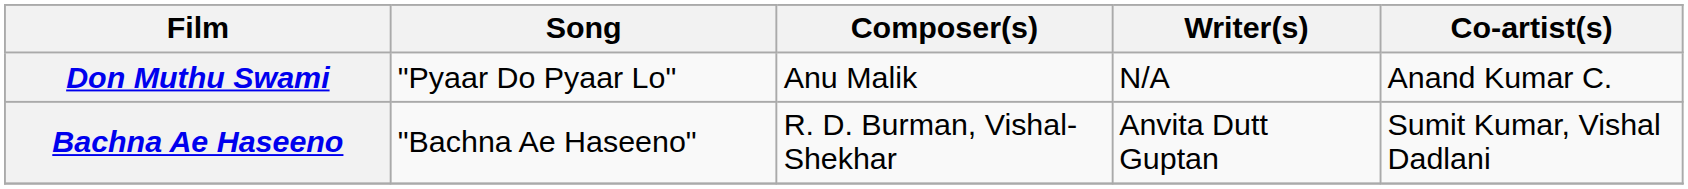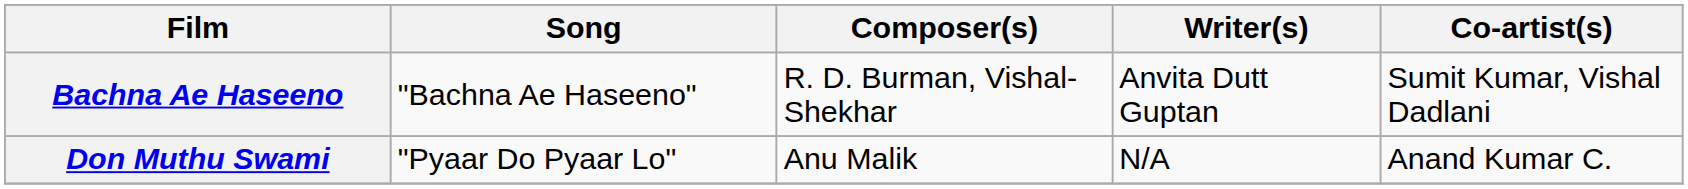 <table class="wikitable plainrowheaders" width="100%" textcolor:#000;">
 <tr style="background:#b0e0e66;">
 <th scope="col" width=23%><strong>Film</strong></th>
 <th scope="col" width=23%><strong>Song</strong></th>
 <th scope="col" width=20%><strong>Composer(s)</strong></th>
 <th scope="col" width=16%><strong>Writer(s)</strong></th>
 <th scope="col" width=18%><strong>Co-artist(s)</strong></th>
 </tr>
 <tr>
+<th><em><a href='#'>Bachna Ae Haseeno</a></em></th>
+<td>"Bachna Ae Haseeno"</td>
+<td>R. D. Burman, Vishal-Shekhar</td>
+<td>Anvita Dutt Guptan</td>
+<td>Sumit Kumar, Vishal Dadlani</td>
+</tr>
+<tr>
 <th><em><a href='#'>Don Muthu Swami</a></em></th>
 <td>"Pyaar Do Pyaar Lo"</td>
 <td>Anu Malik</td>
 <td>N/A</td>
 <td>Anand Kumar C.</td>
 </tr>
 <tr>
-<th><em><a href='#'>Bachna Ae Haseeno</a></em></th>
-<td>"Bachna Ae Haseeno"</td>
-<td>R. D. Burman, Vishal-Shekhar</td>
-<td>Anvita Dutt Guptan</td>
-<td>Sumit Kumar, Vishal Dadlani</td>
-</tr>
-<tr>
 </tr>
 </table>
